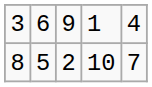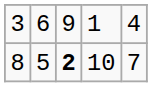 <table class="wikitable">
 <tr>
 <td>3</td>
 <td>6</td>
 <td>9</td>
 <td>1</td>
 <td>4</td>
 </tr>
 <tr>
 <td>8</td>
 <td>5</td>
-<td>2</td>
+<td><strong>2</strong></td>
 <td>10</td>
 <td>7</td>
 </tr>
 </table>
